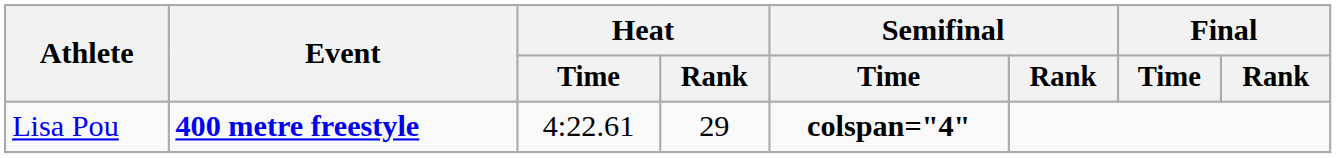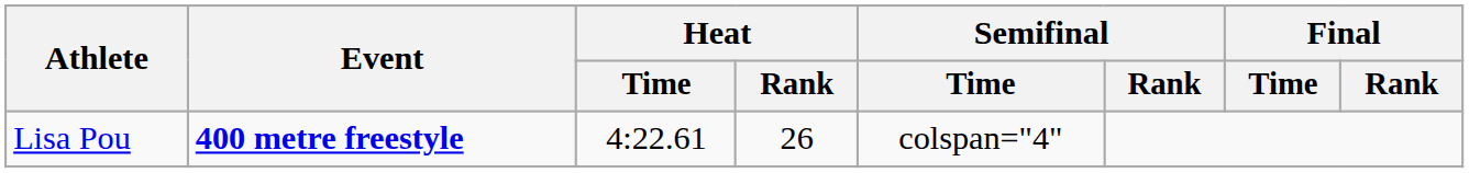 <table class="wikitable" style="text-align:center; font-size:90%; width:50%;">
 <tr>
 <th rowspan="2">Athlete</th>
 <th rowspan="2">Event</th>
 <th colspan="2">Heat</th>
 <th colspan="2">Semifinal</th>
 <th colspan="2">Final</th>
 </tr>
 <tr style="font-size:95%">
 <th>Time</th>
 <th>Rank</th>
 <th>Time</th>
 <th>Rank</th>
 <th>Time</th>
 <th>Rank</th>
 </tr>
 <tr align=center>
 <td align=left><a href='#'>Lisa Pou</a></td>
 <td align=left><strong><a href='#'>400 metre freestyle</a></strong></td>
 <td>4:22.61</td>
-<td>29</td>
-<td><strong>colspan="4"  </strong></td>
+<td>26</td>
+<td>colspan="4"  </td>
 </tr>
 </table>
